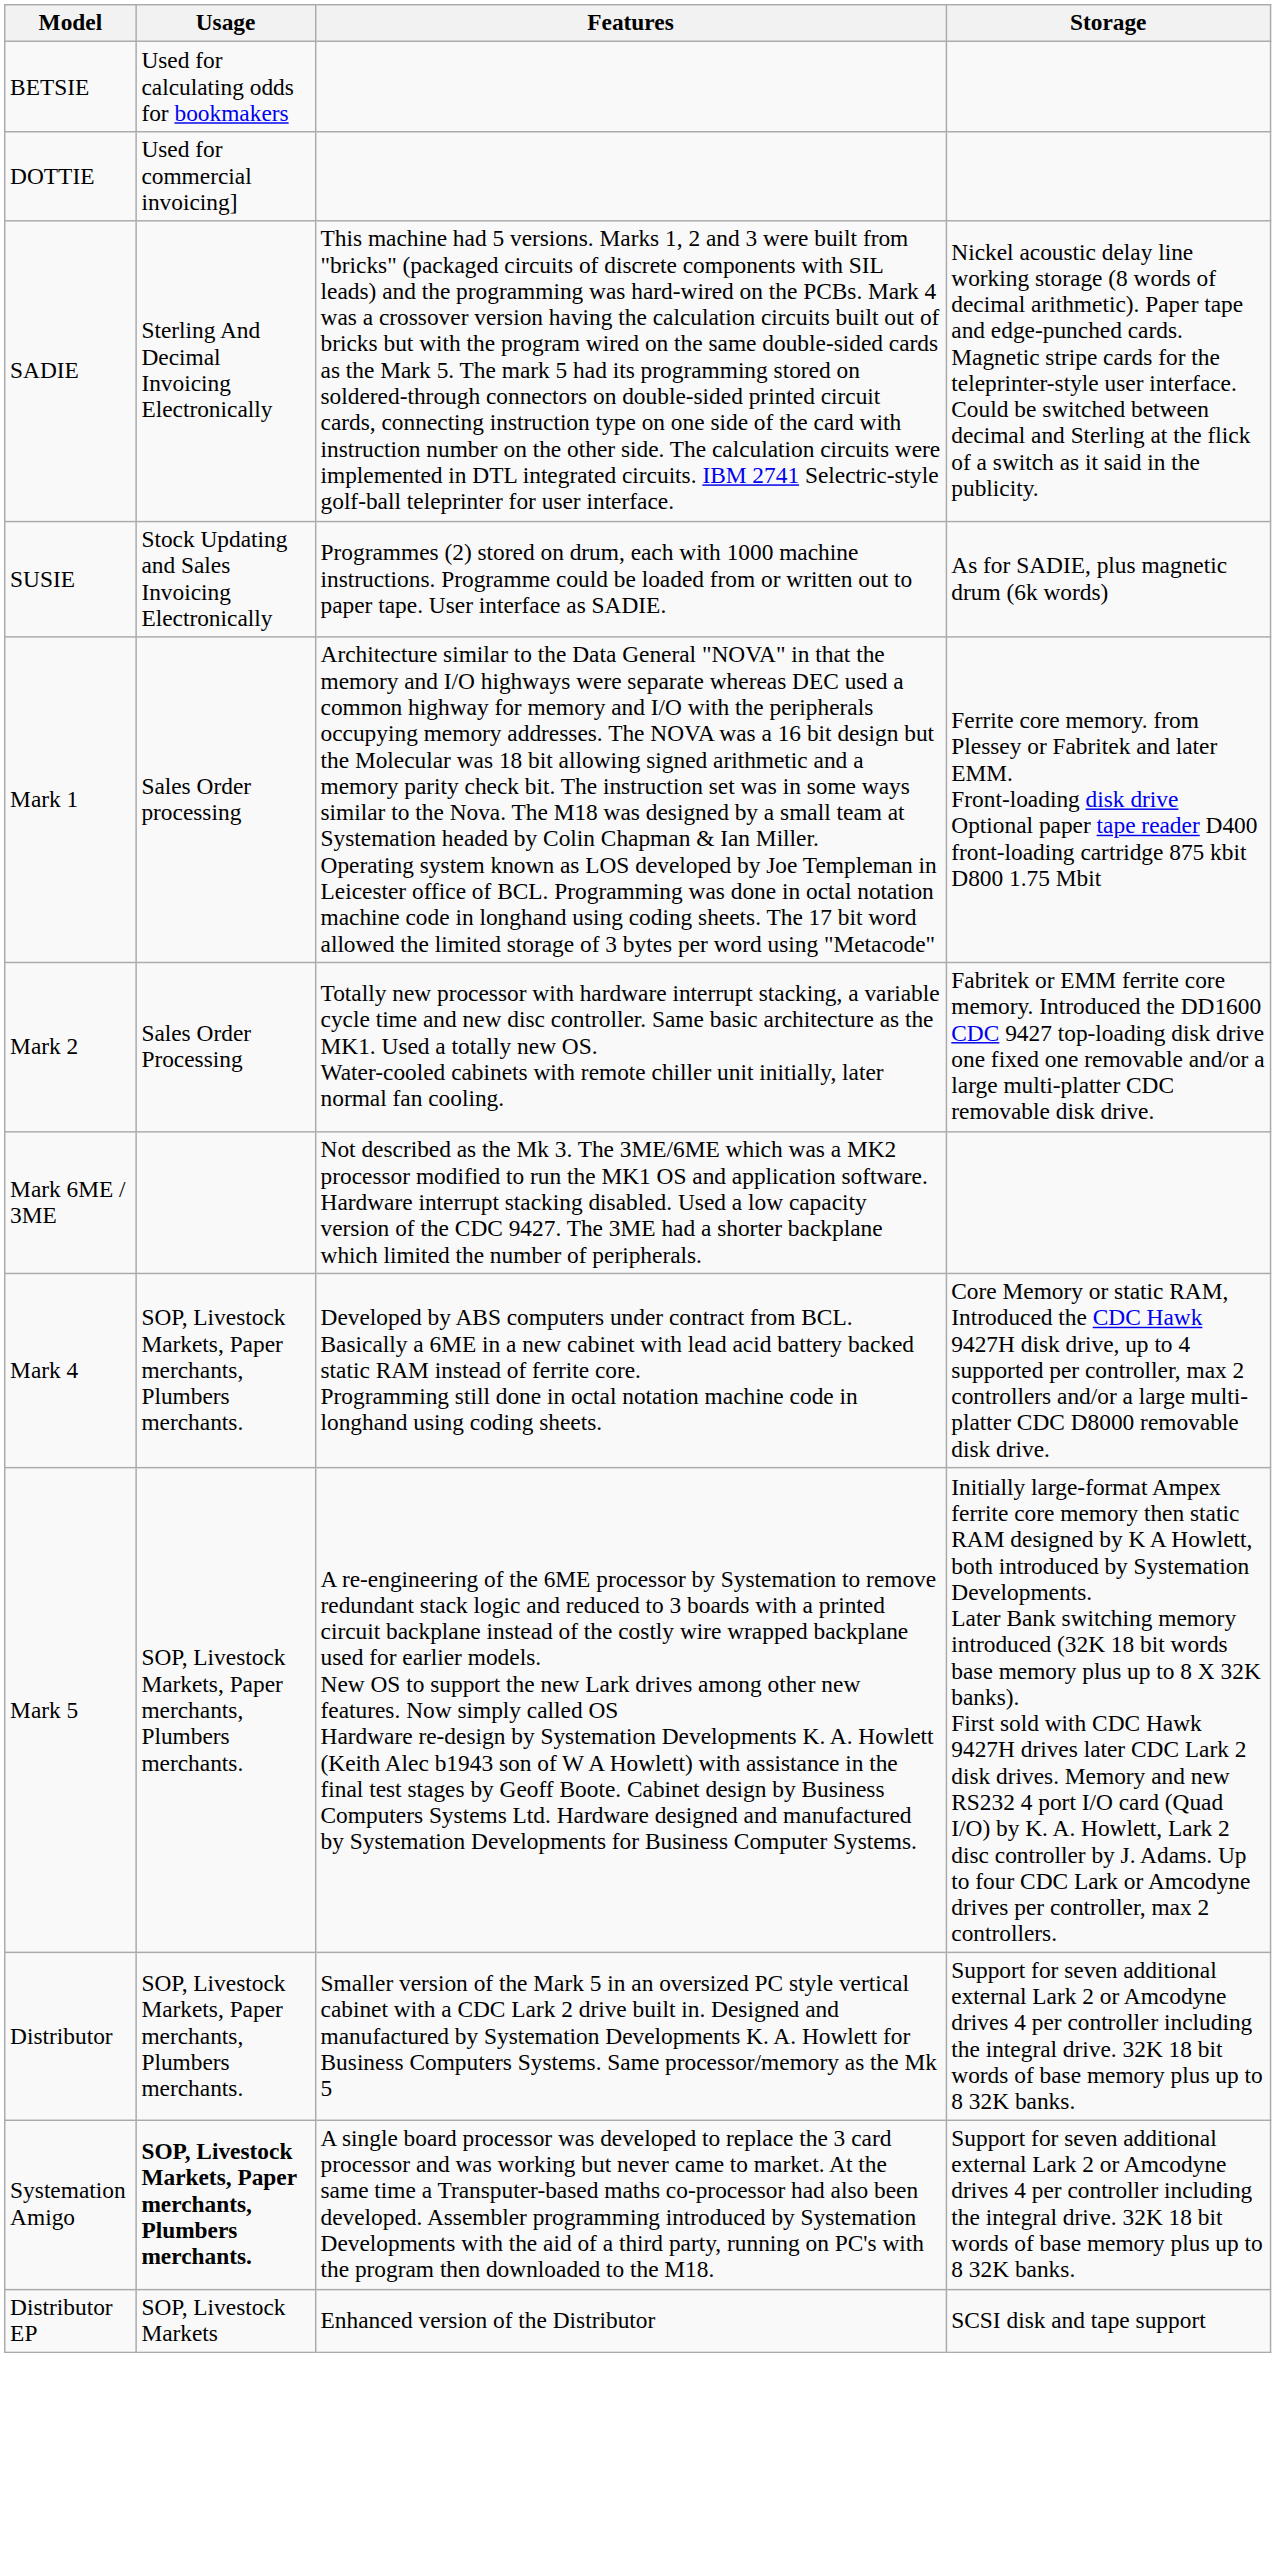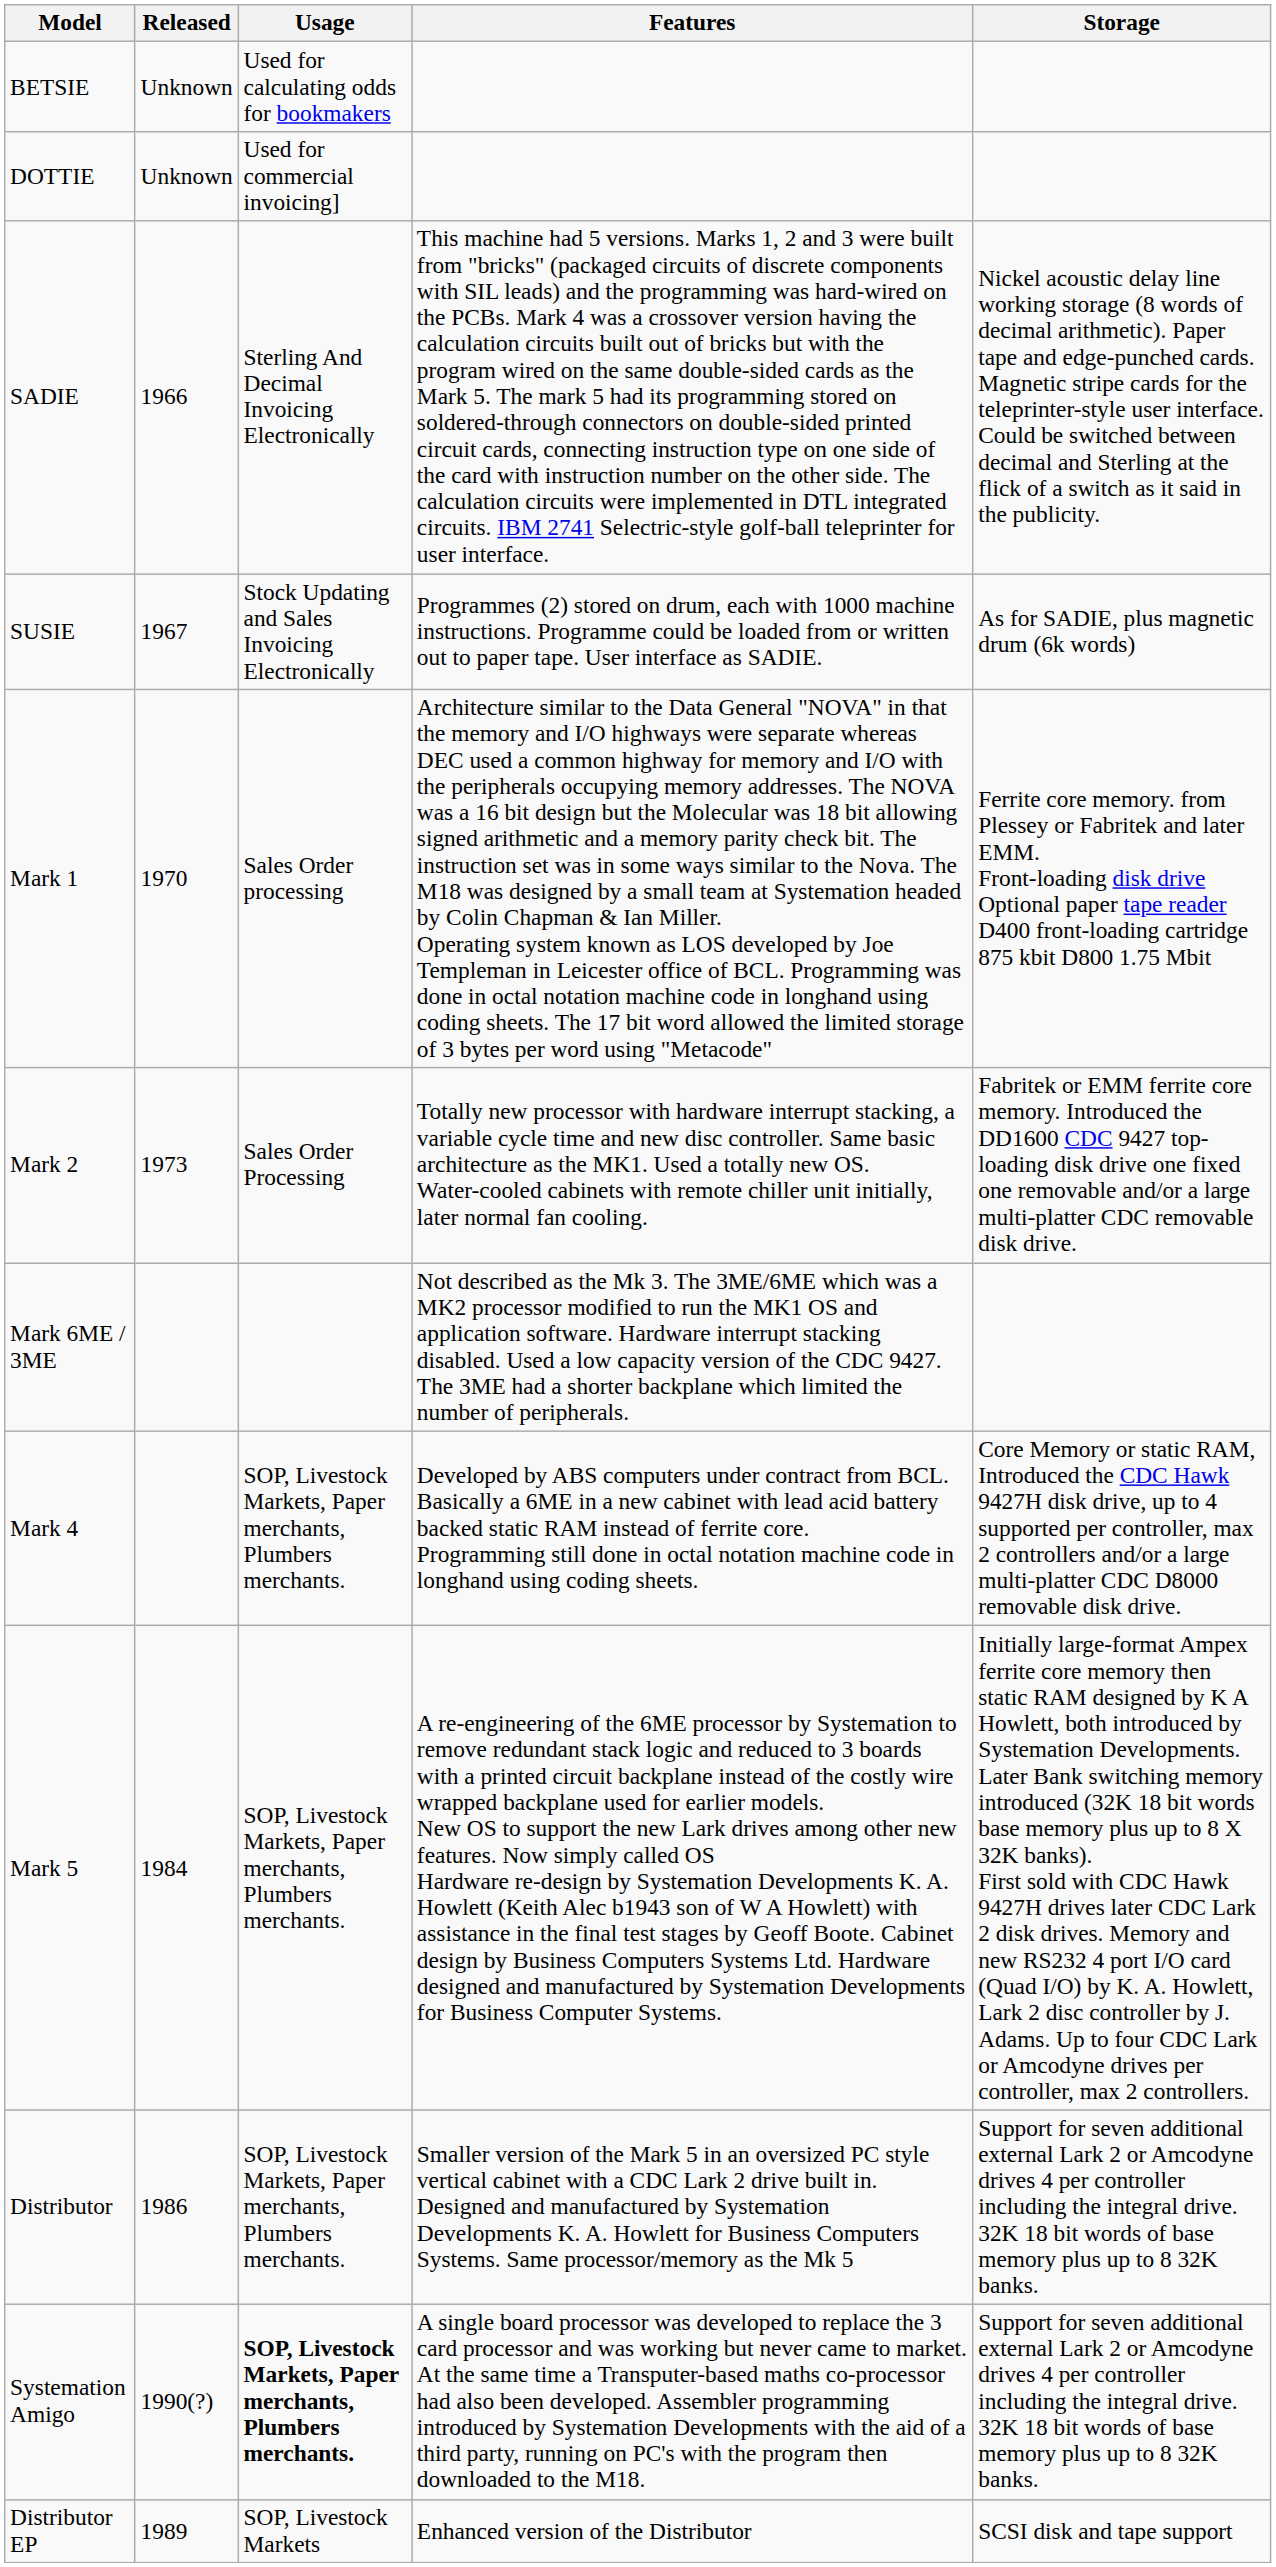 <table class="wikitable" border="1">
 <tr>
 <th>Model</th>
+<th>Released</th>
 <th>Usage</th>
 <th>Features</th>
 <th>Storage</th>
 </tr>
 <tr>
 <td>BETSIE</td>
+<td>Unknown</td>
 <td>Used for calculating odds for <a href='#'>bookmakers</a></td>
 <td></td>
 <td></td>
 </tr>
 <tr>
 <td>DOTTIE</td>
+<td>Unknown</td>
 <td>Used for commercial invoicing]</td>
 <td></td>
 <td></td>
 </tr>
 <tr>
 <td>SADIE</td>
+<td>1966</td>
 <td>Sterling And Decimal Invoicing Electronically</td>
 <td>This machine had 5 versions. Marks 1, 2 and 3 were built from "bricks" (packaged circuits of discrete components with SIL leads) and the programming was hard-wired on the PCBs. Mark 4 was a crossover version having the calculation circuits built out of  bricks but with the program wired on the same double-sided cards as the Mark 5. The mark 5 had its programming stored on soldered-through connectors on double-sided printed circuit cards, connecting instruction type on one side of the card with instruction number on the other side.  The calculation circuits were implemented in DTL integrated circuits.  <a href='#'>IBM 2741</a> Selectric-style golf-ball teleprinter for user interface.</td>
 <td>Nickel acoustic delay line working storage (8 words of decimal arithmetic).  Paper tape and edge-punched cards.  Magnetic stripe cards for the teleprinter-style user interface. Could be switched between decimal and Sterling at the flick of a switch as it said in the publicity.</td>
 </tr>
 <tr>
 <td>SUSIE</td>
+<td>1967</td>
 <td>Stock Updating and Sales Invoicing Electronically</td>
 <td>Programmes (2) stored on drum, each with 1000 machine instructions.  Programme could be loaded from or written out to paper tape.  User interface as SADIE.</td>
 <td>As for SADIE, plus magnetic drum (6k words)</td>
 </tr>
 <tr>
 <td>Mark 1</td>
+<td>1970</td>
 <td>Sales Order processing</td>
 <td>Architecture similar to the Data General "NOVA" in that the memory and I/O highways were separate whereas DEC used a common highway for memory and I/O with the peripherals occupying memory addresses.  The NOVA was a 16 bit design but the Molecular was 18 bit allowing signed arithmetic and a memory parity check bit. The instruction set was in some ways similar to the Nova. The M18 was designed by a small team at Systemation headed by Colin Chapman & Ian Miller.<br>Operating system known as LOS developed by Joe Templeman in Leicester office of BCL. Programming was done in octal notation machine code in longhand using coding sheets. The 17 bit word allowed the limited storage of 3 bytes per word using "Metacode"</td>
 <td>Ferrite core memory. from Plessey or Fabritek and later EMM.<br>Front-loading <a href='#'>disk drive</a> <br> Optional paper  <a href='#'>tape reader</a> D400 front-loading cartridge 875 kbit D800 1.75 Mbit</td>
 </tr>
 <tr>
 <td>Mark 2</td>
+<td>1973</td>
 <td>Sales Order Processing</td>
 <td>Totally new processor with hardware interrupt stacking, a variable cycle time and new disc controller. Same basic architecture as the MK1. Used a totally new OS.<br>Water-cooled cabinets with remote chiller unit initially, later normal fan cooling.</td>
 <td>Fabritek or EMM ferrite core memory. Introduced the DD1600 <a href='#'>CDC</a> 9427 top-loading disk drive one fixed one removable and/or a large multi-platter CDC removable disk drive.</td>
 </tr>
 <tr>
 <td>Mark 6ME / 3ME</td>
 <td></td>
+<td></td>
 <td>Not described as the Mk 3. The 3ME/6ME which was a MK2 processor modified to run the MK1 OS and application software.  Hardware interrupt stacking disabled. Used a low capacity version of the CDC 9427.  The 3ME had a shorter backplane which limited the number of peripherals.</td>
 <td></td>
 </tr>
 <tr>
 <td>Mark 4</td>
+<td></td>
 <td>SOP, Livestock Markets, Paper merchants, Plumbers merchants.</td>
 <td>Developed by ABS computers under contract from BCL.  Basically a 6ME in a new cabinet with lead acid battery backed static RAM instead of ferrite core.<br>Programming still done in octal notation machine code in longhand using coding sheets.</td>
 <td>Core Memory or static RAM, Introduced the <a href='#'>CDC Hawk</a> 9427H disk drive, up to 4 supported per controller, max 2 controllers and/or a large multi-platter CDC D8000 removable disk drive.</td>
 </tr>
 <tr>
 <td>Mark 5</td>
+<td>1984</td>
 <td>SOP, Livestock Markets, Paper merchants, Plumbers merchants.</td>
 <td>A re-engineering of the 6ME processor by Systemation to remove redundant stack logic and reduced to 3 boards with a printed circuit backplane instead of the costly wire wrapped backplane used for earlier models.<br>New OS to support the new Lark drives among other new features.  Now simply called OS<br>Hardware re-design by Systemation Developments K. A. Howlett (Keith Alec b1943 son of W A Howlett) with assistance in the final test stages by Geoff Boote. Cabinet design by Business Computers Systems Ltd. Hardware designed and manufactured by Systemation Developments for Business Computer Systems.</td>
 <td>Initially large-format Ampex ferrite core memory then static RAM designed by K A Howlett, both introduced by Systemation Developments.<br>Later Bank switching memory introduced (32K 18 bit words base memory plus up to 8 X 32K banks).<br>First sold with CDC Hawk 9427H drives later CDC Lark 2 disk drives.  Memory and new RS232 4 port I/O card (Quad I/O) by K. A. Howlett, Lark 2 disc controller by J. Adams. Up to four CDC Lark or Amcodyne drives per controller, max 2 controllers.</td>
 </tr>
 <tr>
 <td>Distributor</td>
+<td>1986</td>
 <td>SOP, Livestock Markets, Paper merchants, Plumbers merchants.</td>
 <td>Smaller version of the Mark 5 in an oversized PC style vertical cabinet with a CDC Lark 2 drive built in. Designed and manufactured by Systemation Developments  K. A. Howlett for Business Computers Systems. Same processor/memory as the Mk 5</td>
 <td>Support for seven additional external Lark 2 or Amcodyne drives 4 per controller including the integral drive.  32K 18 bit words of base memory plus up to 8 32K banks.</td>
 </tr>
 <tr>
 <td>Systemation Amigo</td>
+<td>1990(?)</td>
 <td><strong>SOP, Livestock Markets, Paper merchants, Plumbers merchants.</strong></td>
 <td>A single board processor was developed to replace the 3 card processor and was working but never came to market.  At the same time a Transputer-based maths co-processor had also been developed. Assembler programming introduced by Systemation Developments with the aid of a third party, running on PC's with the program then downloaded to the M18.</td>
 <td>Support for seven additional external Lark 2 or Amcodyne drives 4 per controller including the integral drive.  32K 18 bit words of base memory plus up to 8 32K banks.</td>
 </tr>
 <tr>
 <td>Distributor EP</td>
+<td>1989</td>
 <td>SOP, Livestock Markets</td>
 <td>Enhanced version of the Distributor</td>
 <td>SCSI disk and tape support</td>
 </tr>
 </table>
